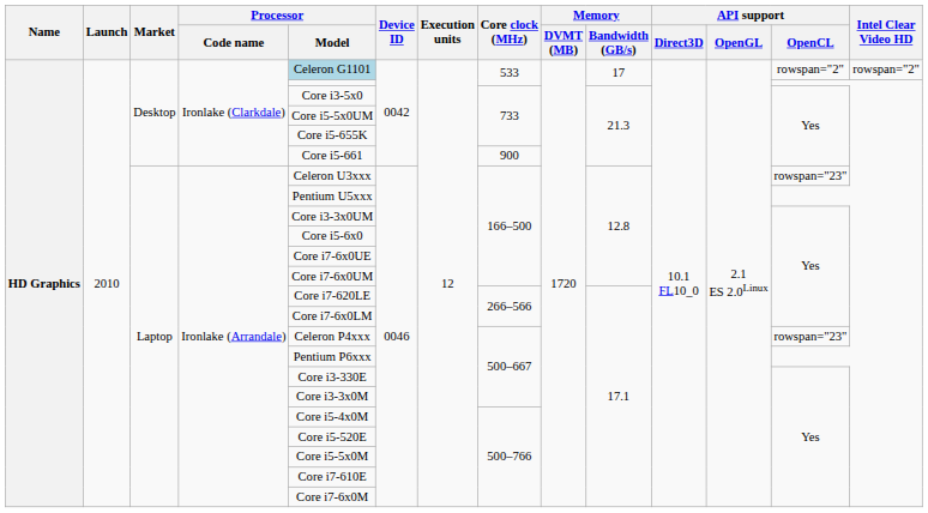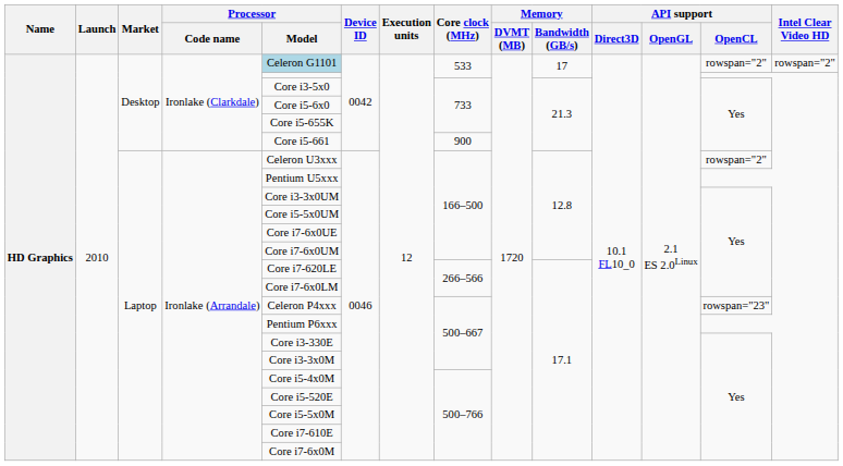 <table class="wikitable sortable mw-datatable sticky-header-multi sort-under" style="text-align:center;">
 <tr>
 <th rowspan="2" scope="col">Name</th>
 <th rowspan="2" scope="col">Launch</th>
 <th rowspan="2" scope="col">Market</th>
 <th colspan="2" scope="col"><a href='#'>Processor</a></th>
 <th rowspan="2"><a href='#'>Device<br>ID</a></th>
 <th rowspan="2" scope="col">Execution<br>units</th>
 <th rowspan="2" scope="col">Core <a href='#'>clock</a><br>(<a href='#'>MHz</a>)</th>
 <th colspan="2" scope="col"><a href='#'>Memory</a></th>
 <th colspan="3" scope="col"><a href='#'>API</a> support</th>
 <th rowspan="2" scope="col"><a href='#'>Intel Clear<br>Video HD</a></th>
 </tr>
 <tr>
 <th scope="col">Code name</th>
 <th scope="col">Model</th>
 <th scope="col"><a href='#'>DVMT</a><br>(<a href='#'>MB</a>)</th>
 <th scope="col"><a href='#'>Bandwidth</a><br>(<a href='#'>GB/s</a>)</th>
 <th scope="col"><a href='#'>Direct3D</a></th>
 <th scope="col"><a href='#'>OpenGL</a></th>
 <th scope="col"><a href='#'>OpenCL</a></th>
 </tr>
 <tr>
 <th rowspan="23" scope="row">HD Graphics</th>
 <td rowspan="23">2010</td>
 <td rowspan="6">Desktop</td>
 <td rowspan="6">Ironlake (<a href='#'>Clarkdale</a>)</td>
 <td style="background: lightblue;">Celeron G1101</td>
 <td rowspan="6">0042</td>
 <td rowspan="23">12</td>
 <td rowspan="2">533</td>
 <td rowspan="23">1720</td>
 <td rowspan="2">17</td>
 <td rowspan="23">10.1<br><a href='#'>FL</a>10_0</td>
 <td rowspan="23">2.1<br>ES 2.0<sup>Linux</sup></td>
 <td>rowspan="2" </td>
 <td>rowspan="2" </td>
 </tr>
 <tr>
 <td></td>
 </tr>
 <tr>
 <td>Core i3-5x0</td>
 <td rowspan="3">733</td>
 <td rowspan="4">21.3</td>
 <td rowspan="4">Yes</td>
 </tr>
 <tr>
-<td>Core i5-5x0UM</td>
+<td>Core i5-6x0</td>
 </tr>
 <tr>
 <td>Core i5-655K</td>
 </tr>
 <tr>
 <td>Core i5-661</td>
 <td>900</td>
 </tr>
 <tr>
 <td rowspan="17">Laptop</td>
 <td rowspan="17">Ironlake (<a href='#'>Arrandale</a>)</td>
 <td>Celeron U3xxx</td>
 <td rowspan="17">0046</td>
 <td rowspan="6">166–500</td>
 <td rowspan="6">12.8</td>
-<td>rowspan="23" </td>
+<td>rowspan="2" </td>
 </tr>
 <tr>
 <td>Pentium U5xxx</td>
 </tr>
 <tr>
 <td>Core i3-3x0UM</td>
 <td rowspan="6">Yes</td>
 </tr>
 <tr>
-<td>Core i5-6x0</td>
+<td>Core i5-5x0UM</td>
 </tr>
 <tr>
 <td>Core i7-6x0UE</td>
 </tr>
 <tr>
 <td>Core i7-6x0UM</td>
 </tr>
 <tr>
 <td>Core i7-620LE</td>
 <td rowspan="2">266–566</td>
 <td rowspan="11">17.1</td>
 </tr>
 <tr>
 <td>Core i7-6x0LM</td>
 </tr>
 <tr>
 <td>Celeron P4xxx</td>
 <td rowspan="4">500–667</td>
 <td>rowspan="23" </td>
 </tr>
 <tr>
 <td>Pentium P6xxx</td>
 </tr>
 <tr>
 <td>Core i3-330E</td>
 <td rowspan="7">Yes</td>
 </tr>
 <tr>
 <td>Core i3-3x0M</td>
 </tr>
 <tr>
 <td>Core i5-4x0M</td>
 <td rowspan="5">500–766</td>
 </tr>
 <tr>
 <td>Core i5-520E</td>
 </tr>
 <tr>
 <td>Core i5-5x0M</td>
 </tr>
 <tr>
 <td>Core i7-610E</td>
 </tr>
 <tr>
 <td>Core i7-6x0M</td>
 </tr>
 </table>
